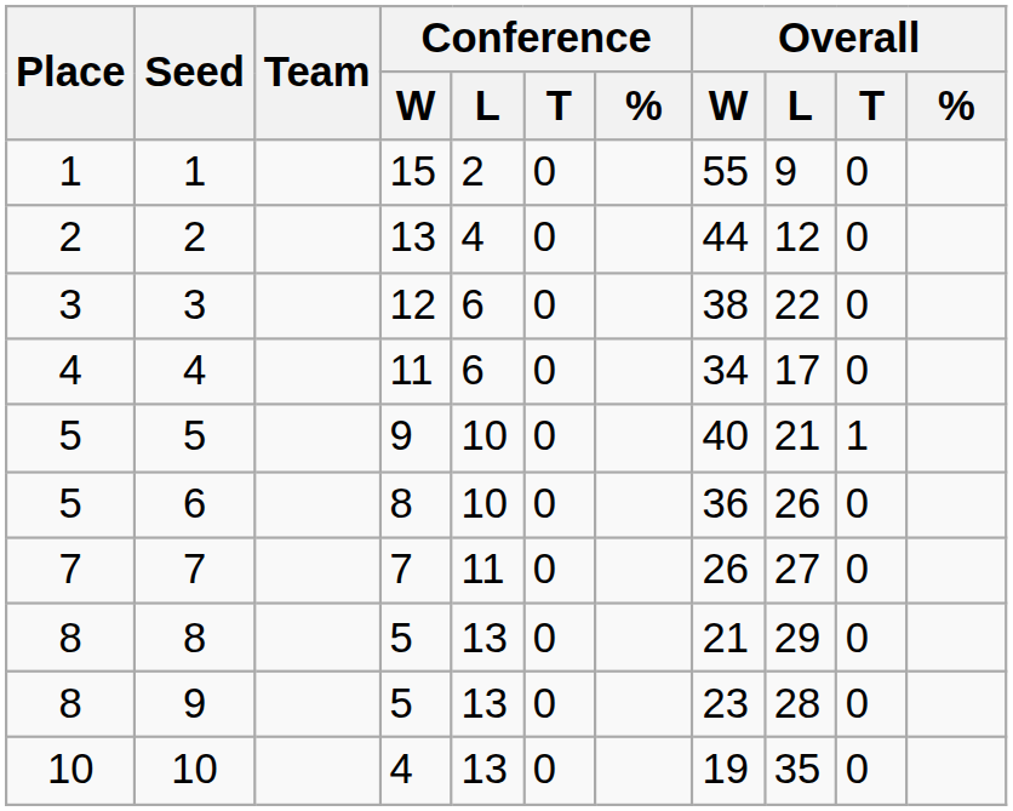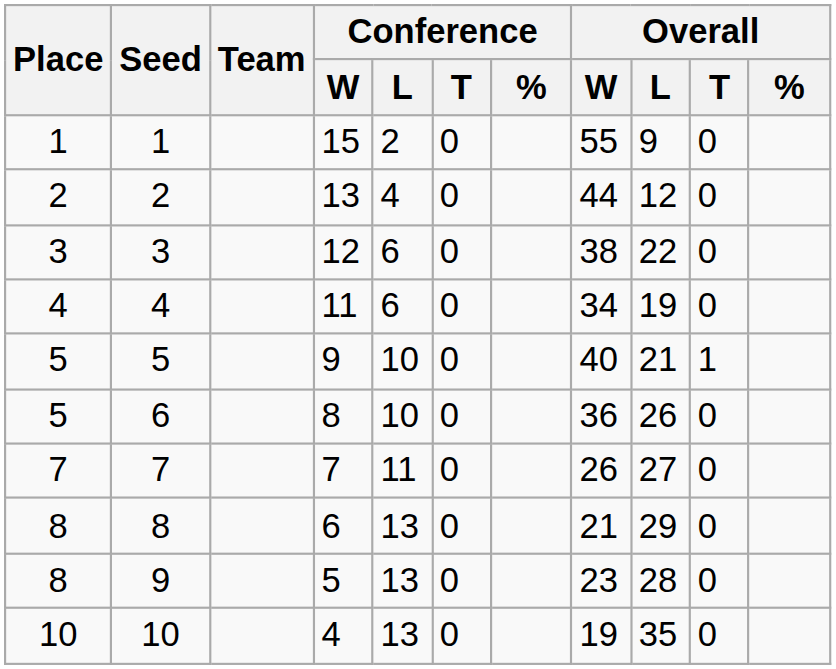 <table class="wikitable">
 <tr>
 <th rowspan ="2">Place</th>
 <th rowspan ="2">Seed</th>
 <th rowspan ="2">Team</th>
 <th colspan = "4">Conference</th>
 <th colspan = "4">Overall</th>
 </tr>
 <tr>
 <th scope="col" style="width: 20px;">W</th>
 <th scope="col" style="width: 20px;">L</th>
 <th scope="col" style="width: 20px;">T</th>
 <th scope="col" style="width: 30px;">%</th>
 <th scope="col" style="width: 20px;">W</th>
 <th scope="col" style="width: 20px;">L</th>
 <th scope="col" style="width: 20px;">T</th>
 <th scope="col" style="width: 30px;">%</th>
 </tr>
 <tr>
 <td style="text-align:center;">1</td>
 <td style="text-align:center;">1</td>
 <td></td>
 <td>15</td>
 <td>2</td>
 <td>0</td>
 <td></td>
 <td>55</td>
 <td>9</td>
 <td>0</td>
 <td></td>
 </tr>
 <tr>
 <td style="text-align:center;">2</td>
 <td style="text-align:center;">2</td>
 <td></td>
 <td>13</td>
 <td>4</td>
 <td>0</td>
 <td></td>
 <td>44</td>
 <td>12</td>
 <td>0</td>
 <td></td>
 </tr>
 <tr>
 <td style="text-align:center;">3</td>
 <td style="text-align:center;">3</td>
 <td></td>
 <td>12</td>
 <td>6</td>
 <td>0</td>
 <td></td>
 <td>38</td>
 <td>22</td>
 <td>0</td>
 <td></td>
 </tr>
 <tr>
 <td style="text-align:center;">4</td>
 <td style="text-align:center;">4</td>
 <td></td>
 <td>11</td>
 <td>6</td>
 <td>0</td>
 <td></td>
 <td>34</td>
-<td>17</td>
+<td>19</td>
 <td>0</td>
 <td></td>
 </tr>
 <tr>
 <td style="text-align:center;">5</td>
 <td style="text-align:center;">5</td>
 <td></td>
 <td>9</td>
 <td>10</td>
 <td>0</td>
 <td></td>
 <td>40</td>
 <td>21</td>
 <td>1</td>
 <td></td>
 </tr>
 <tr>
 <td style="text-align:center;">5</td>
 <td style="text-align:center;">6</td>
 <td></td>
 <td>8</td>
 <td>10</td>
 <td>0</td>
 <td></td>
 <td>36</td>
 <td>26</td>
 <td>0</td>
 <td></td>
 </tr>
 <tr>
 <td style="text-align:center;">7</td>
 <td style="text-align:center;">7</td>
 <td></td>
 <td>7</td>
 <td>11</td>
 <td>0</td>
 <td></td>
 <td>26</td>
 <td>27</td>
 <td>0</td>
 <td></td>
 </tr>
 <tr>
 <td style="text-align:center;">8</td>
 <td style="text-align:center;">8</td>
 <td></td>
-<td>5</td>
+<td>6</td>
 <td>13</td>
 <td>0</td>
 <td></td>
 <td>21</td>
 <td>29</td>
 <td>0</td>
 <td></td>
 </tr>
 <tr>
 <td style="text-align:center;">8</td>
 <td style="text-align:center;">9</td>
 <td></td>
 <td>5</td>
 <td>13</td>
 <td>0</td>
 <td></td>
 <td>23</td>
 <td>28</td>
 <td>0</td>
 <td></td>
 </tr>
 <tr>
 <td style="text-align:center;">10</td>
 <td style="text-align:center;">10</td>
 <td></td>
 <td>4</td>
 <td>13</td>
 <td>0</td>
 <td></td>
 <td>19</td>
 <td>35</td>
 <td>0</td>
 <td></td>
 </tr>
 </table>
